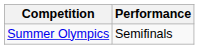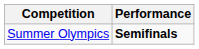 <table class="wikitable">
 <tr>
 <th>Competition</th>
 <th>Performance</th>
 </tr>
 <tr>
 <td><a href='#'>Summer Olympics</a></td>
-<td>Semifinals</td>
+<td><strong>Semifinals</strong></td>
 </tr>
 </table>
